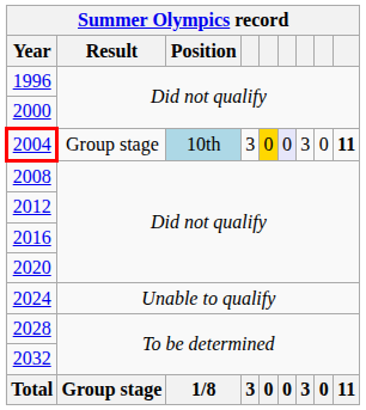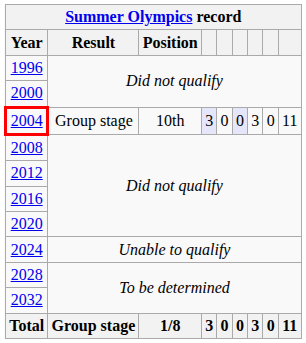 <table class="wikitable" style="text-align: center;">
 <tr>
 <th colspan=9><a href='#'>Summer Olympics</a> record</th>
 </tr>
 <tr>
 <th>Year</th>
 <th>Result</th>
 <th>Position</th>
 <th></th>
 <th></th>
 <th></th>
 <th></th>
 <th></th>
 <th></th>
 </tr>
 <tr>
 <td> <a href='#'>1996</a></td>
 <td colspan=8 rowspan=2><em>Did not qualify</em></td>
 </tr>
 <tr>
 <td> <a href='#'>2000</a></td>
 </tr>
 <tr>
 <td style="border: 3px solid red"> <a href='#'>2004</a></td>
 <td>Group stage</td>
-<td style="background: lightblue;">10th</td>
-<td>3</td>
-<td style="background: gold;">0</td>
+<td>10th</td>
+<td style="background: lavender;">3</td>
+<td>0</td>
 <td style="background: lavender;">0</td>
 <td>3</td>
 <td>0</td>
-<td><strong>11</strong></td>
+<td>11</td>
 </tr>
 <tr>
 <td> <a href='#'>2008</a></td>
 <td colspan=8 rowspan=4><em>Did not qualify</em></td>
 </tr>
 <tr>
 <td> <a href='#'>2012</a></td>
 </tr>
 <tr>
 <td> <a href='#'>2016</a></td>
 </tr>
 <tr>
 <td> <a href='#'>2020</a></td>
 </tr>
 <tr>
 <td> <a href='#'>2024</a></td>
 <td colspan=8><em>Unable to qualify</em></td>
 </tr>
 <tr>
 <td> <a href='#'>2028</a></td>
 <td colspan=8 rowspan=2><em>To be determined</em></td>
 </tr>
 <tr>
 <td> <a href='#'>2032</a></td>
 </tr>
 <tr>
 <th>Total</th>
 <th>Group stage</th>
 <th>1/8</th>
 <th>3</th>
 <th>0</th>
 <th>0</th>
 <th>3</th>
 <th>0</th>
 <th>11</th>
 </tr>
 </table>
